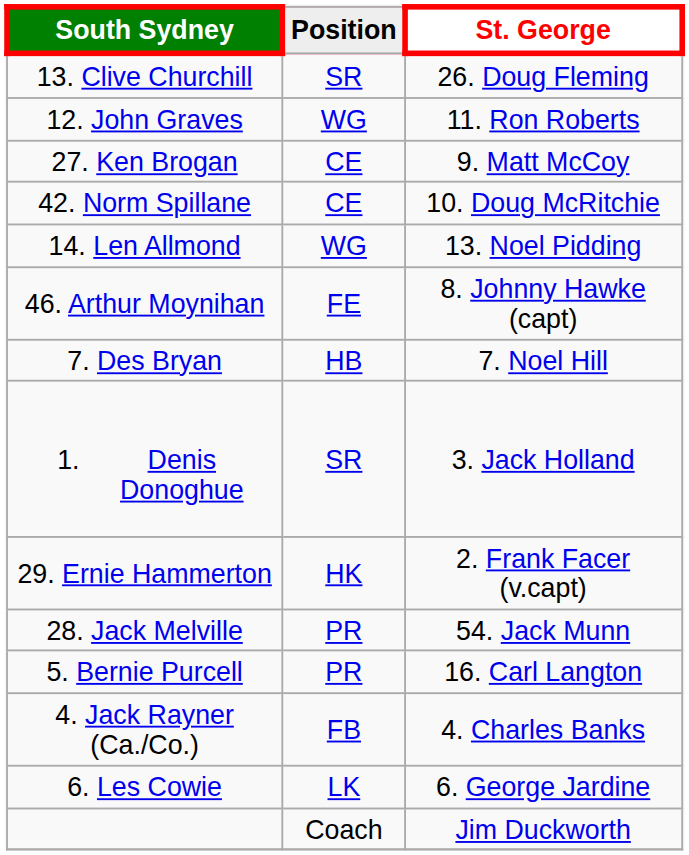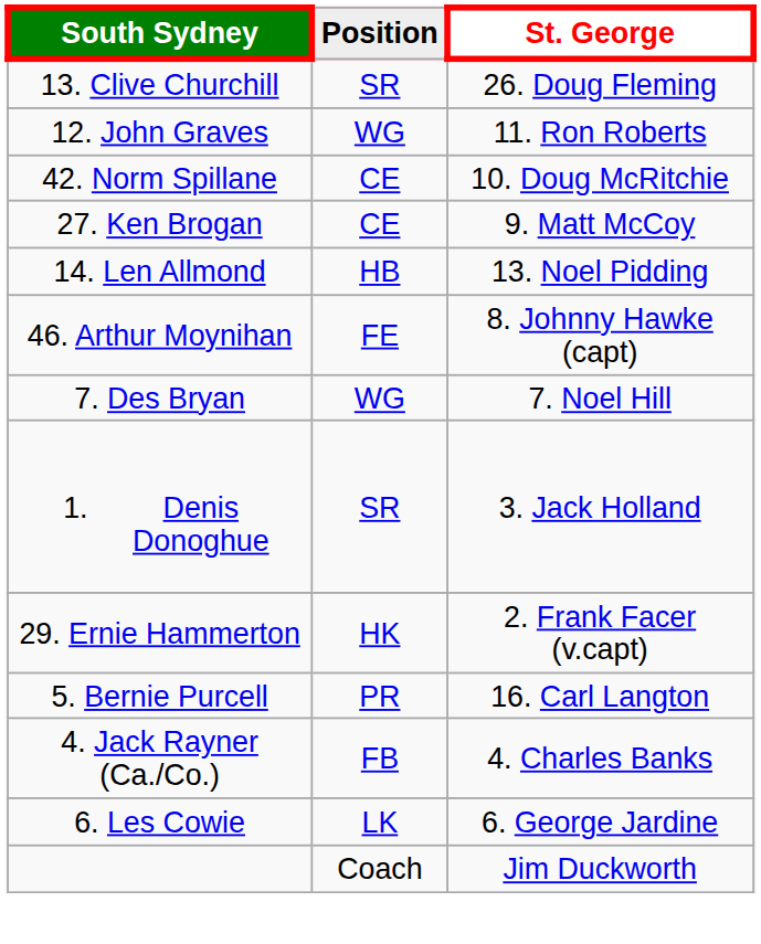 <table align="right" class="wikitable" style="font-size:90%; margin-left:1em">
 <tr bgcolor="#FF0033">
 <th style="width:140px; border:3px solid red; background: green; color: white">South Sydney</th>
 <th style="width:40px; text-align:center; background:#eee; color:black;">Position</th>
 <th style="width:140px; border:3px solid red; background: white; color: red">St. George</th>
 </tr>
 <tr align=center>
 <td>13. <a href='#'>Clive Churchill</a></td>
 <td><a href='#'>SR</a></td>
 <td>26. <a href='#'>Doug Fleming</a></td>
 </tr>
 <tr align=center>
 <td>12. <a href='#'>John Graves</a></td>
 <td><a href='#'>WG</a></td>
 <td>11. <a href='#'>Ron Roberts</a></td>
 </tr>
 <tr align=center>
+<td>42. <a href='#'>Norm Spillane</a></td>
+<td><a href='#'>CE</a></td>
+<td>10. <a href='#'>Doug McRitchie</a></td>
+</tr>
+<tr align=center>
 <td>27. <a href='#'>Ken Brogan</a></td>
 <td><a href='#'>CE</a></td>
 <td>9. <a href='#'>Matt McCoy</a></td>
 </tr>
 <tr align=center>
-<td>42. <a href='#'>Norm Spillane</a></td>
-<td><a href='#'>CE</a></td>
-<td>10. <a href='#'>Doug McRitchie</a></td>
-</tr>
-<tr align=center>
 <td>14. <a href='#'>Len Allmond</a></td>
-<td><a href='#'>WG</a></td>
+<td><a href='#'>HB</a></td>
 <td>13. <a href='#'>Noel Pidding</a></td>
 </tr>
 <tr align=center>
 <td>46. <a href='#'>Arthur Moynihan</a></td>
 <td><a href='#'>FE</a></td>
 <td>8. <a href='#'>Johnny Hawke</a> (capt)</td>
 </tr>
 <tr align=center>
 <td>7. <a href='#'>Des Bryan</a></td>
-<td><a href='#'>HB</a></td>
+<td><a href='#'>WG</a></td>
 <td>7. <a href='#'>Noel Hill</a></td>
 </tr>
 <tr align=center>
 <td><br><ol><li><a href='#'>Denis Donoghue</a></li></ol></td>
 <td><a href='#'>SR</a></td>
 <td>3. <a href='#'>Jack Holland</a></td>
 </tr>
 <tr align=center>
 <td>29. <a href='#'>Ernie Hammerton</a></td>
 <td><a href='#'>HK</a></td>
 <td>2. <a href='#'>Frank Facer</a> (v.capt)</td>
-</tr>
-<tr align=center>
-<td>28. <a href='#'>Jack Melville</a></td>
-<td><a href='#'>PR</a></td>
-<td>54. <a href='#'>Jack Munn</a></td>
 </tr>
 <tr align=center>
 <td>5. <a href='#'>Bernie Purcell</a></td>
 <td><a href='#'>PR</a></td>
 <td>16. <a href='#'>Carl Langton</a></td>
 </tr>
 <tr align=center>
 <td>4. <a href='#'>Jack Rayner</a> (Ca./Co.)</td>
 <td><a href='#'>FB</a></td>
 <td>4. <a href='#'>Charles Banks</a></td>
 </tr>
 <tr align=center>
 <td>6. <a href='#'>Les Cowie</a></td>
 <td><a href='#'>LK</a></td>
 <td>6. <a href='#'>George Jardine</a></td>
 </tr>
 <tr align=center>
 <td></td>
 <td>Coach</td>
 <td><a href='#'>Jim Duckworth</a></td>
 </tr>
 <tr>
 </tr>
 </table>
